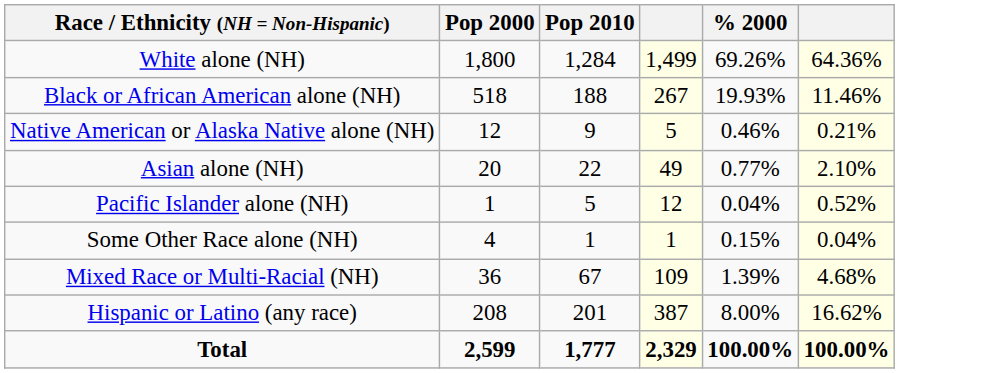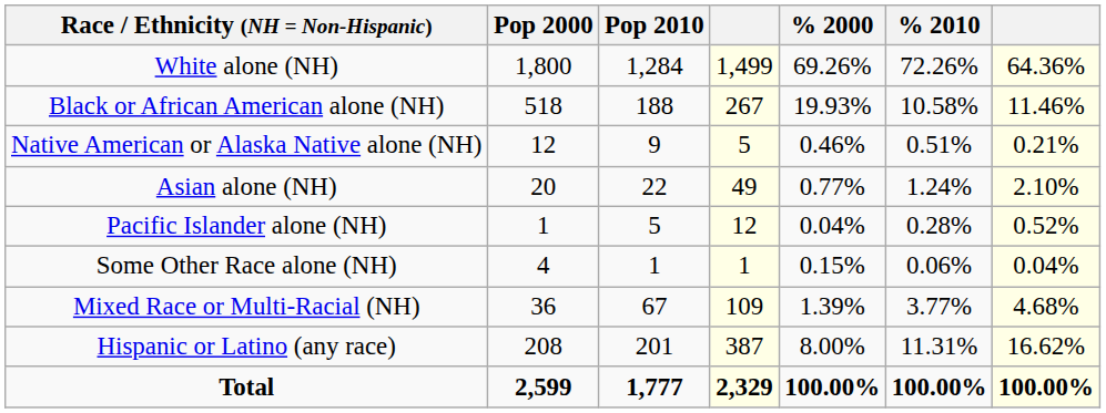 <table class="wikitable" style="text-align:center;">
 <tr>
 <th>Race / Ethnicity <small>(<em>NH = Non-Hispanic</em>)</small></th>
 <th>Pop 2000</th>
 <th>Pop 2010</th>
 <th></th>
 <th>% 2000</th>
+<th>% 2010</th>
 <th></th>
 </tr>
 <tr>
 <td><a href='#'>White</a> alone (NH)</td>
 <td>1,800</td>
 <td>1,284</td>
 <td style='background: #ffffe6;'>1,499</td>
 <td>69.26%</td>
+<td>72.26%</td>
 <td style='background: #ffffe6;'>64.36%</td>
 </tr>
 <tr>
 <td><a href='#'>Black or African American</a> alone (NH)</td>
 <td>518</td>
 <td>188</td>
 <td style='background: #ffffe6;'>267</td>
 <td>19.93%</td>
+<td>10.58%</td>
 <td style='background: #ffffe6;'>11.46%</td>
 </tr>
 <tr>
 <td><a href='#'>Native American</a> or <a href='#'>Alaska Native</a> alone (NH)</td>
 <td>12</td>
 <td>9</td>
 <td style='background: #ffffe6;'>5</td>
 <td>0.46%</td>
+<td>0.51%</td>
 <td style='background: #ffffe6;'>0.21%</td>
 </tr>
 <tr>
 <td><a href='#'>Asian</a> alone (NH)</td>
 <td>20</td>
 <td>22</td>
 <td style='background: #ffffe6;'>49</td>
 <td>0.77%</td>
+<td>1.24%</td>
 <td style='background: #ffffe6;'>2.10%</td>
 </tr>
 <tr>
 <td><a href='#'>Pacific Islander</a> alone (NH)</td>
 <td>1</td>
 <td>5</td>
 <td style='background: #ffffe6;'>12</td>
 <td>0.04%</td>
+<td>0.28%</td>
 <td style='background: #ffffe6;'>0.52%</td>
 </tr>
 <tr>
 <td>Some Other Race alone (NH)</td>
 <td>4</td>
 <td>1</td>
 <td style='background: #ffffe6;'>1</td>
 <td>0.15%</td>
+<td>0.06%</td>
 <td style='background: #ffffe6;'>0.04%</td>
 </tr>
 <tr>
 <td><a href='#'>Mixed Race or Multi-Racial</a> (NH)</td>
 <td>36</td>
 <td>67</td>
 <td style='background: #ffffe6;'>109</td>
 <td>1.39%</td>
+<td>3.77%</td>
 <td style='background: #ffffe6;'>4.68%</td>
 </tr>
 <tr>
 <td><a href='#'>Hispanic or Latino</a> (any race)</td>
 <td>208</td>
 <td>201</td>
 <td style='background: #ffffe6;'>387</td>
 <td>8.00%</td>
+<td>11.31%</td>
 <td style='background: #ffffe6;'>16.62%</td>
 </tr>
 <tr>
 <td><strong>Total</strong></td>
 <td><strong>2,599</strong></td>
 <td><strong>1,777</strong></td>
 <td style='background: #ffffe6;'><strong>2,329</strong></td>
 <td><strong>100.00%</strong></td>
+<td><strong>100.00%</strong></td>
 <td style='background: #ffffe6;'><strong>100.00%</strong></td>
 </tr>
 </table>
